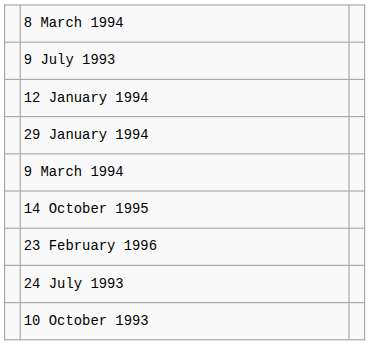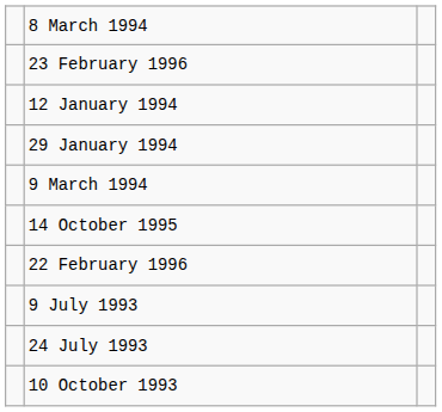 <table class="wikitable" style="font-size: 89%; float: left; width: 26em; margin-right: 1em; height: 280px;">
 <tr>
 <td></td>
 <td>8 March 1994</td>
 <td></td>
 </tr>
 <tr>
 <td></td>
-<td>9 July 1993</td>
+<td>23 February 1996</td>
 <td></td>
 </tr>
 <tr>
 <td></td>
 <td>12 January 1994</td>
 <td></td>
 </tr>
 <tr>
 <td></td>
 <td>29 January 1994</td>
 <td></td>
 </tr>
 <tr>
 <td></td>
 <td>9 March 1994</td>
 <td></td>
 </tr>
 <tr>
 <td></td>
 <td>14 October 1995</td>
 <td></td>
 </tr>
 <tr>
 <td></td>
-<td>23 February 1996</td>
+<td>22 February 1996</td>
+<td></td>
+</tr>
+<tr>
+<td></td>
+<td>9 July 1993</td>
 <td></td>
 </tr>
 <tr>
 <td></td>
 <td>24 July 1993</td>
 <td></td>
 </tr>
 <tr>
 <td></td>
 <td>10 October 1993</td>
 <td></td>
 </tr>
 </table>
